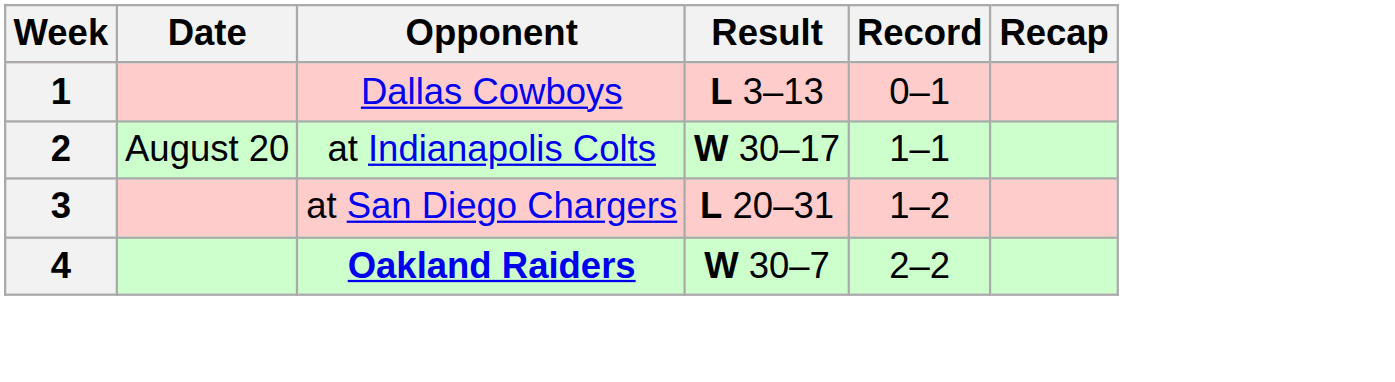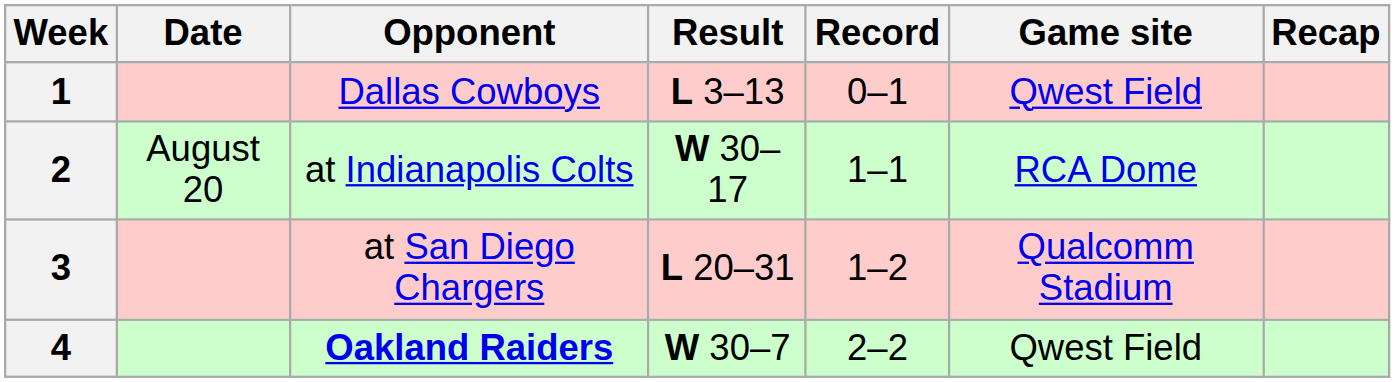 <table class="wikitable" style="text-align:center">
 <tr>
 <th>Week</th>
 <th>Date</th>
 <th>Opponent</th>
 <th>Result</th>
 <th>Record</th>
+<th>Game site</th>
 <th>Recap</th>
 </tr>
 <tr style="background:#fcc">
 <th>1</th>
 <td></td>
 <td><a href='#'>Dallas Cowboys</a></td>
 <td><strong>L</strong> 3–13</td>
 <td>0–1</td>
+<td><a href='#'>Qwest Field</a></td>
 <td></td>
 </tr>
 <tr style="background:#cfc">
 <th>2</th>
 <td>August 20</td>
 <td>at <a href='#'>Indianapolis Colts</a></td>
 <td><strong>W</strong> 30–17</td>
 <td>1–1</td>
+<td><a href='#'>RCA Dome</a></td>
 <td></td>
 </tr>
 <tr style="background:#fcc">
 <th>3</th>
 <td></td>
 <td>at <a href='#'>San Diego Chargers</a></td>
 <td><strong>L</strong> 20–31</td>
 <td>1–2</td>
+<td><a href='#'>Qualcomm Stadium</a></td>
 <td></td>
 </tr>
 <tr style="background:#cfc">
 <th>4</th>
 <td></td>
 <td><strong><a href='#'>Oakland Raiders</a></strong></td>
 <td><strong>W</strong> 30–7</td>
 <td>2–2</td>
+<td>Qwest Field</td>
 <td></td>
 </tr>
 </table>
